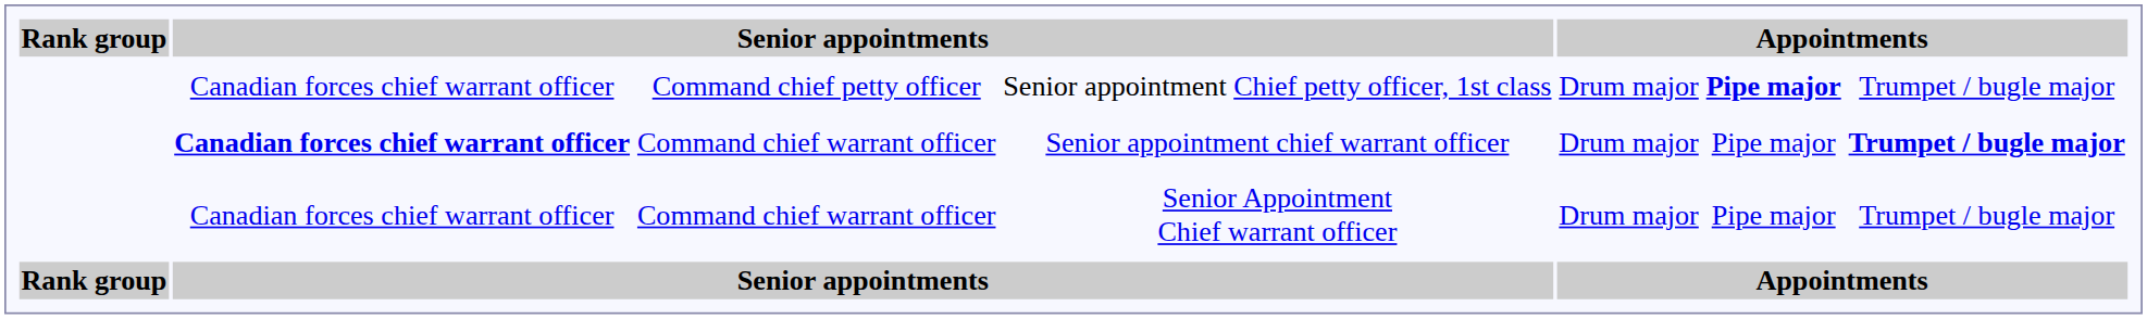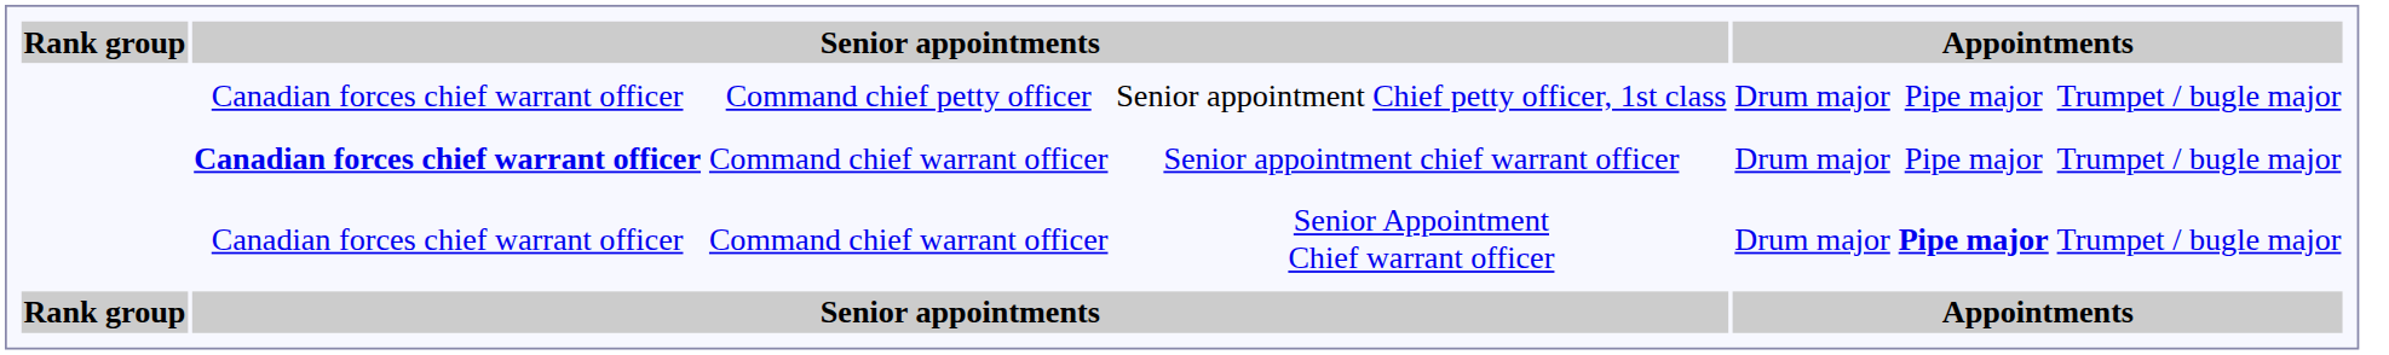 <table style="border:1px solid #8888aa; background-color:#f7f8ff; padding:5px; font-size:95%; margin: 0px 12px 12px 0px; text-align:center">
 <tr style="background-color:#CCCCCC;">
 <td><strong>Rank group</strong></td>
 <td colspan=3><strong>Senior appointments</strong></td>
 <td colspan=3><strong>Appointments</strong></td>
 </tr>
 <tr>
 <td rowspan=3><strong></strong></td>
 <td></td>
 <td></td>
 <td></td>
 <td></td>
 <td></td>
 <td></td>
 </tr>
 <tr>
 <td><a href='#'>Canadian forces chief warrant officer</a></td>
 <td><a href='#'>Command chief petty officer</a></td>
 <td>Senior appointment <a href='#'>Chief petty officer, 1st class</a></td>
 <td><a href='#'>Drum major</a></td>
-<td><strong><a href='#'>Pipe major</a></strong></td>
+<td><a href='#'>Pipe major</a></td>
 <td><a href='#'>Trumpet / bugle major</a></td>
 </tr>
 <tr>
 <td></td>
 <td></td>
 <td></td>
 <td></td>
 <td></td>
 <td></td>
 </tr>
 <tr>
 <td rowspan=3><strong></strong></td>
 <td></td>
 <td></td>
 <td></td>
 <td></td>
 <td></td>
 <td></td>
 </tr>
 <tr>
 <td><strong><a href='#'>Canadian forces chief warrant officer</a></strong></td>
 <td><a href='#'>Command chief warrant officer</a></td>
 <td><a href='#'>Senior appointment chief warrant officer</a></td>
 <td><a href='#'>Drum major</a></td>
 <td><a href='#'>Pipe major</a></td>
-<td><strong><a href='#'>Trumpet / bugle major</a></strong></td>
+<td><a href='#'>Trumpet / bugle major</a></td>
 </tr>
 <tr>
 <td></td>
 <td></td>
 <td></td>
 <td></td>
 <td></td>
 <td></td>
 </tr>
 <tr>
 <td rowspan=3><strong></strong></td>
 <td></td>
 <td></td>
 <td></td>
 <td></td>
 <td></td>
 <td></td>
 </tr>
 <tr>
 <td><a href='#'>Canadian forces chief warrant officer</a></td>
 <td><a href='#'>Command chief warrant officer</a></td>
 <td><a href='#'>Senior Appointment<br>Chief warrant officer</a></td>
 <td><a href='#'>Drum major</a></td>
-<td><a href='#'>Pipe major</a></td>
+<td><strong><a href='#'>Pipe major</a></strong></td>
 <td><a href='#'>Trumpet / bugle major</a></td>
 </tr>
 <tr>
 <td></td>
 <td></td>
 <td></td>
 <td></td>
 <td></td>
 <td></td>
 </tr>
 <tr style="background-color:#CCCCCC;">
 <td><strong>Rank group</strong></td>
 <td colspan=3><strong>Senior appointments</strong></td>
 <td colspan=3><strong>Appointments</strong></td>
 </tr>
 </table>
